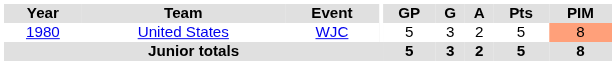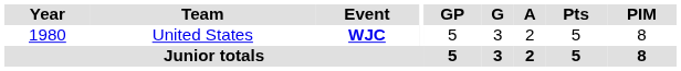 <table border="0" cellpadding="1" cellspacing="0" ID="Table3" style="text-align:center; width:40em">
 <tr bgcolor="#e0e0e0">
 <th>Year</th>
 <th>Team</th>
 <th>Event</th>
 <th rowspan="102" bgcolor="#ffffff"></th>
 <th>GP</th>
 <th>G</th>
 <th>A</th>
 <th>Pts</th>
 <th>PIM</th>
 </tr>
 <tr>
 <td><a href='#'>1980</a></td>
 <td><a href='#'>United States</a></td>
-<td><a href='#'>WJC</a></td>
+<td><strong><a href='#'>WJC</a></strong></td>
 <td>5</td>
 <td>3</td>
 <td>2</td>
 <td>5</td>
-<td style="background: lightsalmon;">8</td>
+<td>8</td>
 </tr>
 <tr bgcolor="#e0e0e0">
 <th colspan="4">Junior totals</th>
 <th>5</th>
 <th>3</th>
 <th>2</th>
 <th>5</th>
 <th>8</th>
 </tr>
 </table>
